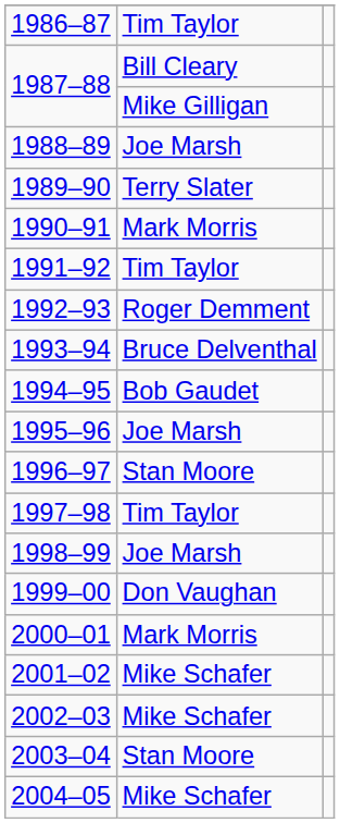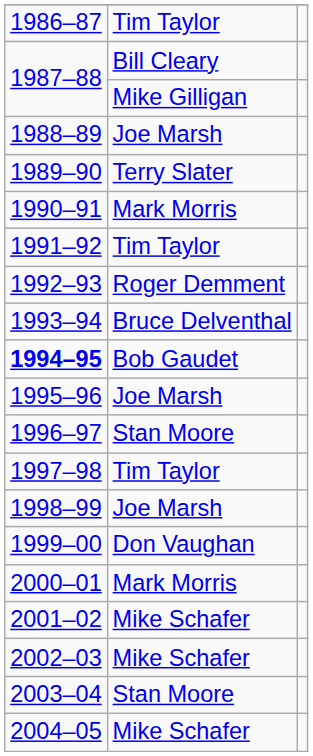 <table class="wikitable sortable">
 <tr>
 </tr>
 <tr>
 <td><a href='#'>1986–87</a></td>
 <td><a href='#'>Tim Taylor</a></td>
 <td><strong><a href='#'></a></strong></td>
 </tr>
 <tr>
 <td rowspan=2><a href='#'>1987–88</a></td>
 <td><a href='#'>Bill Cleary</a></td>
 <td><strong><a href='#'></a></strong></td>
 </tr>
 <tr>
 <td><a href='#'>Mike Gilligan</a></td>
 <td><strong><a href='#'></a></strong></td>
 </tr>
 <tr>
 <td><a href='#'>1988–89</a></td>
 <td><a href='#'>Joe Marsh</a></td>
 <td><strong><a href='#'></a></strong></td>
 </tr>
 <tr>
 <td><a href='#'>1989–90</a></td>
 <td><a href='#'>Terry Slater</a></td>
 <td><strong><a href='#'></a></strong></td>
 </tr>
 <tr>
 <td><a href='#'>1990–91</a></td>
 <td><a href='#'>Mark Morris</a></td>
 <td><strong><a href='#'></a></strong></td>
 </tr>
 <tr>
 <td><a href='#'>1991–92</a></td>
 <td><a href='#'>Tim Taylor</a></td>
 <td><strong><a href='#'></a></strong></td>
 </tr>
 <tr>
 <td><a href='#'>1992–93</a></td>
 <td><a href='#'>Roger Demment</a></td>
 <td><strong><a href='#'></a></strong></td>
 </tr>
 <tr>
 <td><a href='#'>1993–94</a></td>
 <td><a href='#'>Bruce Delventhal</a></td>
 <td><strong><a href='#'></a></strong></td>
 </tr>
 <tr>
-<td><a href='#'>1994–95</a></td>
+<td><strong><a href='#'>1994–95</a></strong></td>
 <td><a href='#'>Bob Gaudet</a></td>
 <td><strong><a href='#'></a></strong></td>
 </tr>
 <tr>
 <td><a href='#'>1995–96</a></td>
 <td><a href='#'>Joe Marsh</a></td>
 <td><strong><a href='#'></a></strong></td>
 </tr>
 <tr>
 <td><a href='#'>1996–97</a></td>
 <td><a href='#'>Stan Moore</a></td>
 <td><strong><a href='#'></a></strong></td>
 </tr>
 <tr>
 <td><a href='#'>1997–98</a></td>
 <td><a href='#'>Tim Taylor</a></td>
 <td><strong><a href='#'></a></strong></td>
 </tr>
 <tr>
 <td><a href='#'>1998–99</a></td>
 <td><a href='#'>Joe Marsh</a></td>
 <td><strong><a href='#'></a></strong></td>
 </tr>
 <tr>
 <td><a href='#'>1999–00</a></td>
 <td><a href='#'>Don Vaughan</a></td>
 <td><strong><a href='#'></a></strong></td>
 </tr>
 <tr>
 <td><a href='#'>2000–01</a></td>
 <td><a href='#'>Mark Morris</a></td>
 <td><strong><a href='#'></a></strong></td>
 </tr>
 <tr>
 <td><a href='#'>2001–02</a></td>
 <td><a href='#'>Mike Schafer</a></td>
 <td><strong><a href='#'></a></strong></td>
 </tr>
 <tr>
 <td><a href='#'>2002–03</a></td>
 <td><a href='#'>Mike Schafer</a></td>
 <td><strong><a href='#'></a></strong></td>
 </tr>
 <tr>
 <td><a href='#'>2003–04</a></td>
 <td><a href='#'>Stan Moore</a></td>
 <td><strong><a href='#'></a></strong></td>
 </tr>
 <tr>
 <td><a href='#'>2004–05</a></td>
 <td><a href='#'>Mike Schafer</a></td>
 <td><strong><a href='#'></a></strong></td>
 </tr>
 </table>
